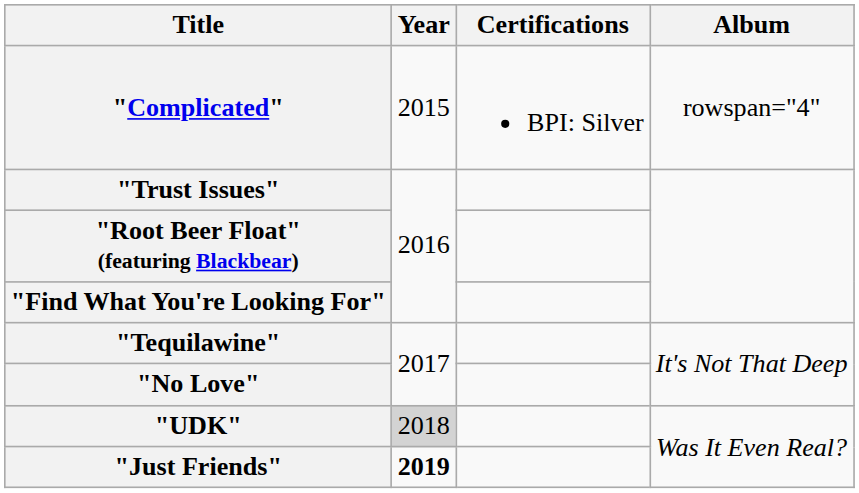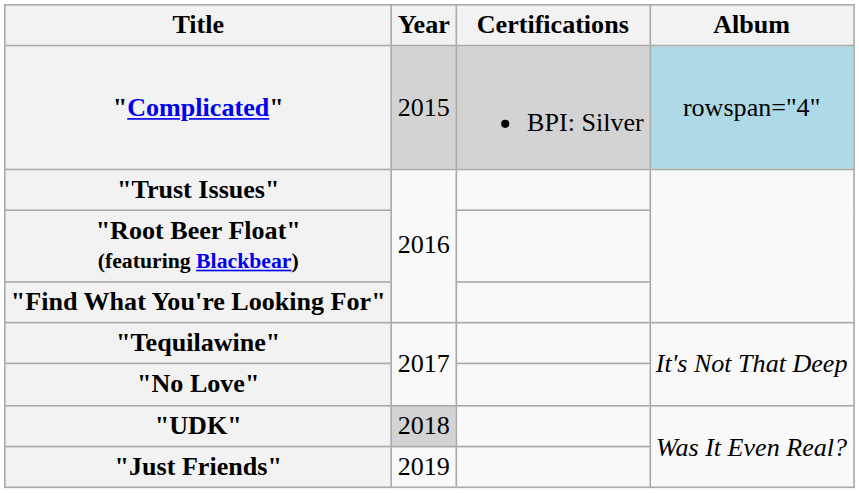 <table class="wikitable plainrowheaders" style="text-align:center;">
 <tr>
 <th scope="col">Title</th>
 <th scope="col">Year</th>
 <th scope="col">Certifications</th>
 <th scope="col">Album</th>
 </tr>
 <tr>
 <th scope="row">"<a href='#'>Complicated</a>"</th>
-<td rowspan="1">2015</td>
-<td><br><ul><li>BPI: Silver</li></ul></td>
-<td>rowspan="4" </td>
+<td rowspan="1" style="background: lightgrey;">2015</td>
+<td style="background: lightgrey;"><br><ul><li>BPI: Silver</li></ul></td>
+<td style="background: lightblue;">rowspan="4" </td>
 </tr>
 <tr>
 <th scope="row">"Trust Issues"</th>
 <td rowspan="3">2016</td>
 <td></td>
 </tr>
 <tr>
 <th scope="row">"Root Beer Float"<br><small>(featuring <a href='#'>Blackbear</a>)</small></th>
 <td></td>
 </tr>
 <tr>
 <th scope="row">"Find What You're Looking For"</th>
 <td></td>
 </tr>
 <tr>
 <th scope="row">"Tequilawine"</th>
 <td rowspan="2">2017</td>
 <td></td>
 <td rowspan="2"><em>It's Not That Deep</em></td>
 </tr>
 <tr>
 <th scope="row">"No Love"</th>
 </tr>
 <tr>
 <th scope="row">"UDK"</th>
 <td style="background: lightgrey;">2018</td>
 <td></td>
 <td rowspan="2"><em>Was It Even Real?</em></td>
 </tr>
 <tr>
 <th scope="row">"Just Friends"</th>
-<td><strong>2019</strong></td>
+<td>2019</td>
 <td></td>
 </tr>
 </table>
